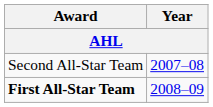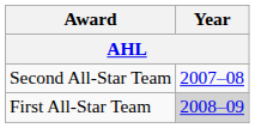 <table class="wikitable">
 <tr>
 <th>Award</th>
 <th>Year</th>
 </tr>
 <tr>
 <th colspan="3"><a href='#'>AHL</a></th>
 </tr>
 <tr>
 <td>Second All-Star Team</td>
 <td><a href='#'>2007–08</a></td>
 </tr>
 <tr>
-<td><strong>First All-Star Team</strong></td>
-<td><a href='#'>2008–09</a></td>
+<td>First All-Star Team</td>
+<td style="background: lightgrey;"><a href='#'>2008–09</a></td>
 </tr>
 </table>
